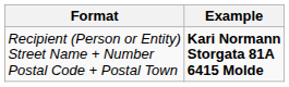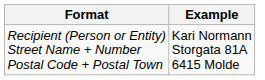 <table class="wikitable">
 <tr>
 <th>Format</th>
 <th>Example</th>
 </tr>
 <tr>
 <td><em>Recipient (Person or Entity)</em><br><em>Street Name + Number</em><br><em>Postal Code + Postal Town</em><br></td>
-<td><strong>Kari Normann<br>Storgata 81A<br>6415 Molde</strong></td>
+<td>Kari Normann<br>Storgata 81A<br>6415 Molde</td>
 </tr>
 </table>
